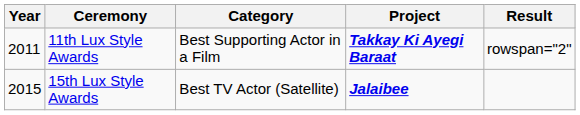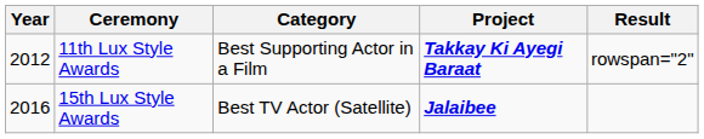 <table class="wikitable style">
 <tr>
 <th>Year</th>
 <th>Ceremony</th>
 <th>Category</th>
 <th>Project</th>
 <th>Result</th>
 </tr>
 <tr>
-<td>2011</td>
+<td>2012</td>
 <td><a href='#'>11th Lux Style Awards</a></td>
 <td>Best Supporting Actor in a Film</td>
 <td><strong><em><a href='#'>Takkay Ki Ayegi Baraat</a></em></strong></td>
 <td>rowspan="2" </td>
 </tr>
 <tr>
-<td>2015</td>
+<td>2016</td>
 <td><a href='#'>15th Lux Style Awards</a></td>
 <td>Best TV Actor (Satellite)</td>
 <td><strong><em><a href='#'>Jalaibee</a></em></strong></td>
 </tr>
 </table>
